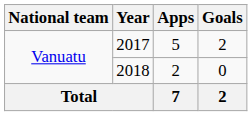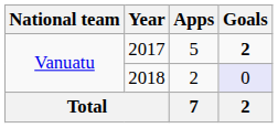 <table class="wikitable" style="text-align:center">
 <tr>
 <th>National team</th>
 <th>Year</th>
 <th>Apps</th>
 <th>Goals</th>
 </tr>
 <tr>
 <td rowspan="2"><a href='#'>Vanuatu</a></td>
 <td>2017</td>
 <td>5</td>
-<td>2</td>
+<td><strong>2</strong></td>
 </tr>
 <tr>
 <td>2018</td>
 <td>2</td>
-<td>0</td>
+<td style="background: lavender;">0</td>
 </tr>
 <tr>
 <th colspan=2>Total</th>
 <th>7</th>
 <th>2</th>
 </tr>
 </table>
